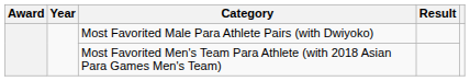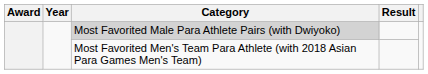 <table class="wikitable plainrowheaders sortable">
 <tr>
 <th scope="col">Award</th>
 <th scope="col">Year</th>
 <th scope="col">Category</th>
 <th scope="col">Result</th>
 <th scope="col" class="unsortable"></th>
 </tr>
 <tr>
 <th rowspan="2" scope="row"></th>
 <td rowspan="2"></td>
-<td>Most Favorited Male Para Athlete Pairs (with Dwiyoko)</td>
+<td style="background: lightgrey;">Most Favorited Male Para Athlete Pairs (with Dwiyoko)</td>
 <td></td>
 <td rowspan="2" style="text-align:center;"></td>
 </tr>
 <tr>
 <td>Most Favorited Men's Team Para Athlete (with 2018 Asian Para Games Men's Team)</td>
 <td></td>
 </tr>
 </table>
